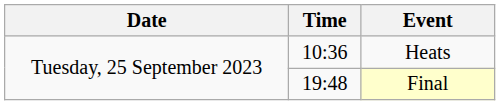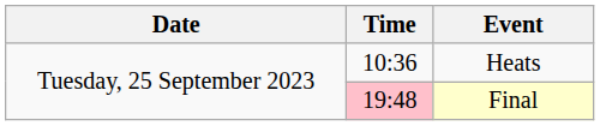 <table class = "wikitable" style="text-align:center;">
 <tr>
 <th width=220>Date</th>
 <th width=50>Time</th>
 <th width=100>Event</th>
 </tr>
 <tr>
 <td rowspan=2>Tuesday, 25 September 2023</td>
 <td>10:36</td>
 <td>Heats</td>
 </tr>
 <tr>
-<td>19:48</td>
+<td style="background: pink;">19:48</td>
 <td bgcolor=ffffcc>Final</td>
 </tr>
 </table>
